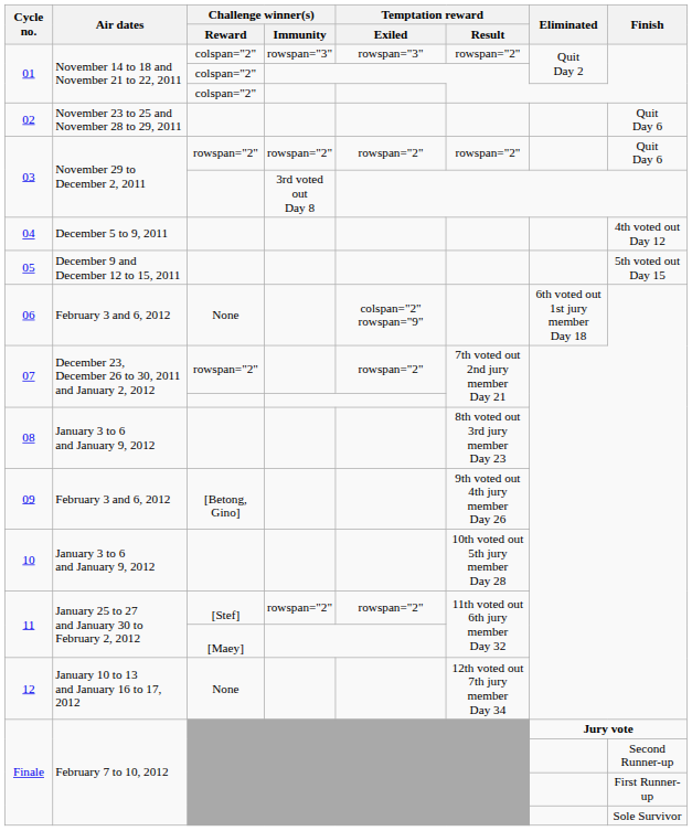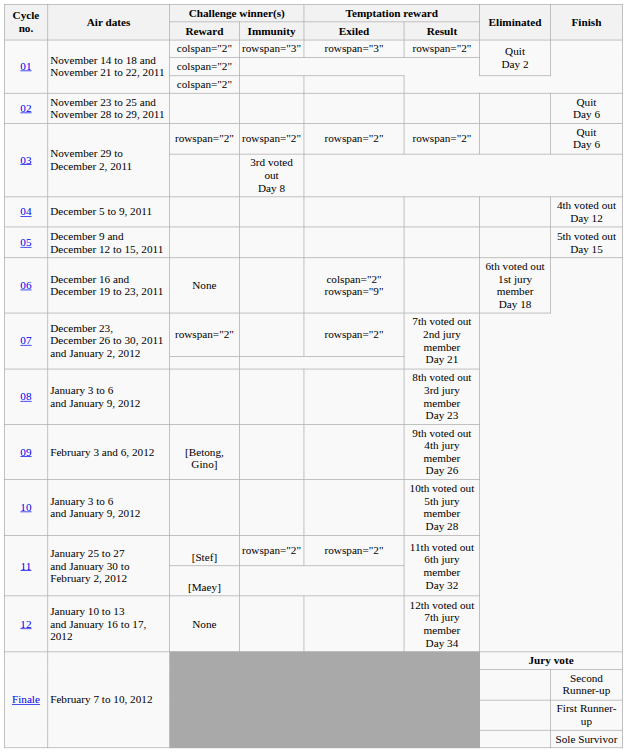 <table class="wikitable sortable nowrap" style="margin:auto; text-align:center">
 <tr>
 <th scope="col" rowspan="2">Cycle no.</th>
 <th scope="col" rowspan="2">Air dates</th>
 <th scope="col" colspan="2">Challenge winner(s)</th>
 <th scope="col" colspan="2">Temptation reward</th>
 <th scope="col" rowspan="2">Eliminated</th>
 <th scope="col" rowspan="2">Finish</th>
 </tr>
 <tr>
 <th scope="col">Reward</th>
 <th scope="col">Immunity</th>
 <th scope="col">Exiled</th>
 <th scope="col">Result</th>
 </tr>
 <tr>
 <td rowspan="3"><a href='#'>01</a></td>
 <td rowspan="3" align="left">November 14 to 18 and<br>November 21 to 22, 2011</td>
 <td>colspan="2" </td>
 <td>rowspan="3" </td>
 <td>rowspan="3" </td>
 <td>rowspan="2" </td>
 <td rowspan="2">Quit<br>Day 2</td>
 </tr>
 <tr>
 <td>colspan="2" </td>
 </tr>
 <tr>
 <td>colspan="2" </td>
 <td></td>
 <td></td>
 </tr>
 <tr>
 <td><a href='#'>02</a></td>
 <td align="left">November 23 to 25 and<br>November 28 to 29, 2011</td>
 <td></td>
 <td></td>
 <td></td>
 <td></td>
 <td></td>
 <td>Quit<br>Day 6</td>
 </tr>
 <tr>
 <td rowspan="2"><a href='#'>03</a></td>
 <td rowspan="2" align="left">November 29 to December 2, 2011</td>
 <td>rowspan="2" </td>
 <td>rowspan="2" </td>
 <td>rowspan="2" </td>
 <td>rowspan="2" </td>
 <td></td>
 <td>Quit<br>Day 6</td>
 </tr>
 <tr>
 <td></td>
 <td>3rd voted out<br>Day 8</td>
 </tr>
 <tr>
 <td><a href='#'>04</a></td>
 <td align="left">December 5 to 9, 2011</td>
 <td></td>
 <td></td>
 <td></td>
 <td></td>
 <td></td>
 <td>4th voted out<br>Day 12</td>
 </tr>
 <tr>
 <td><a href='#'>05</a></td>
 <td align="left">December 9 and<br> December 12 to 15, 2011</td>
 <td></td>
 <td></td>
 <td></td>
 <td></td>
 <td></td>
 <td>5th voted out<br>Day 15</td>
 </tr>
 <tr>
 <td><a href='#'>06</a></td>
-<td align="left">February 3 and 6, 2012</td>
+<td align="left">December 16 and<br> December 19 to 23, 2011</td>
 <td>None</td>
 <td></td>
 <td>colspan="2" rowspan="9" </td>
 <td></td>
 <td>6th voted out<br>1st jury member<br>Day 18</td>
 </tr>
 <tr>
 <td rowspan="2"><a href='#'>07</a></td>
 <td rowspan="2" align="left">December 23,<br> December 26 to 30, 2011<br> and January 2, 2012</td>
 <td>rowspan="2" </td>
 <td></td>
 <td>rowspan="2" </td>
 <td rowspan="2">7th voted out<br>2nd jury member<br>Day 21</td>
 </tr>
 <tr>
 <td></td>
 </tr>
 <tr>
 <td><a href='#'>08</a></td>
 <td align="left">January 3 to 6<br> and January 9, 2012</td>
 <td></td>
 <td></td>
 <td></td>
 <td>8th voted out<br>3rd jury member<br>Day 23</td>
 </tr>
 <tr>
 <td><a href='#'>09</a></td>
 <td align="left">February 3 and 6, 2012</td>
 <td><br>[Betong, Gino]</td>
 <td></td>
 <td></td>
 <td>9th voted out<br>4th jury member<br>Day 26</td>
 </tr>
 <tr>
 <td><a href='#'>10</a></td>
 <td align="left">January 3 to 6<br> and January 9, 2012</td>
 <td></td>
 <td></td>
 <td></td>
 <td>10th voted out<br>5th jury member<br>Day 28</td>
 </tr>
 <tr>
 <td rowspan="2"><a href='#'>11</a></td>
 <td rowspan="2" align="left">January 25 to 27<br> and January 30 to February 2, 2012</td>
 <td><br>[Stef]</td>
 <td>rowspan="2" </td>
 <td>rowspan="2" </td>
 <td rowspan="2">11th voted out<br>6th jury member<br>Day 32</td>
 </tr>
 <tr>
 <td><br>[Maey]</td>
 </tr>
 <tr>
 <td><a href='#'>12</a></td>
 <td align="left">January 10 to 13<br> and January 16 to 17, 2012</td>
 <td>None</td>
 <td></td>
 <td></td>
 <td>12th voted out<br>7th jury member<br>Day 34</td>
 </tr>
 <tr>
 <td rowspan="4"><a href='#'>Finale</a></td>
 <td rowspan="4" align="left">February 7 to 10, 2012</td>
 <td rowspan="4" colspan="4" style="background:darkgray;"></td>
 <td colspan="2"><strong>Jury vote</strong></td>
 </tr>
 <tr>
 <td></td>
 <td>Second Runner-up</td>
 </tr>
 <tr>
 <td></td>
 <td>First Runner-up</td>
 </tr>
 <tr>
 <td></td>
 <td>Sole Survivor</td>
 </tr>
 </table>
